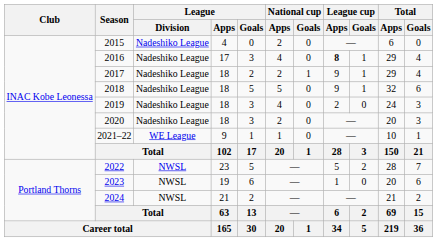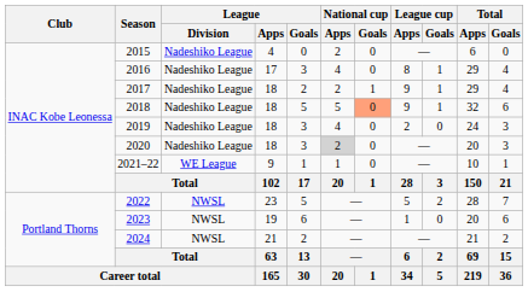 <table class="wikitable" style="text-align:center">
 <tr>
 <th rowspan="2">Club</th>
 <th rowspan="2">Season</th>
 <th colspan="3">League</th>
 <th colspan="2">National cup</th>
 <th colspan="2">League cup</th>
 <th colspan="2">Total</th>
 </tr>
 <tr>
 <th>Division</th>
 <th>Apps</th>
 <th>Goals</th>
 <th>Apps</th>
 <th>Goals</th>
 <th>Apps</th>
 <th>Goals</th>
 <th>Apps</th>
 <th>Goals</th>
 </tr>
 <tr>
 <td rowspan="8"><a href='#'>INAC Kobe Leonessa</a></td>
 <td>2015</td>
 <td><a href='#'>Nadeshiko League</a></td>
 <td>4</td>
 <td>0</td>
 <td>2</td>
 <td>0</td>
 <td colspan="2">—</td>
 <td>6</td>
 <td>0</td>
 </tr>
 <tr>
 <td>2016</td>
 <td>Nadeshiko League</td>
 <td>17</td>
 <td>3</td>
 <td>4</td>
 <td>0</td>
-<td><strong>8</strong></td>
+<td>8</td>
 <td>1</td>
 <td>29</td>
 <td>4</td>
 </tr>
 <tr>
 <td>2017</td>
 <td>Nadeshiko League</td>
 <td>18</td>
 <td>2</td>
 <td>2</td>
 <td>1</td>
 <td>9</td>
 <td>1</td>
 <td>29</td>
 <td>4</td>
 </tr>
 <tr>
 <td>2018</td>
 <td>Nadeshiko League</td>
 <td>18</td>
 <td>5</td>
 <td>5</td>
-<td>0</td>
+<td style="background: lightsalmon;">0</td>
 <td>9</td>
 <td>1</td>
 <td>32</td>
 <td>6</td>
 </tr>
 <tr>
 <td>2019</td>
 <td>Nadeshiko League</td>
 <td>18</td>
 <td>3</td>
 <td>4</td>
 <td>0</td>
 <td>2</td>
 <td>0</td>
 <td>24</td>
 <td>3</td>
 </tr>
 <tr>
 <td>2020</td>
 <td>Nadeshiko League</td>
 <td>18</td>
 <td>3</td>
-<td>2</td>
+<td style="background: lightgrey;">2</td>
 <td>0</td>
 <td colspan="2">—</td>
 <td>20</td>
 <td>3</td>
 </tr>
 <tr>
 <td>2021–22</td>
 <td><a href='#'>WE League</a></td>
 <td>9</td>
 <td>1</td>
 <td>1</td>
 <td>0</td>
 <td colspan="2">—</td>
 <td>10</td>
 <td>1</td>
 </tr>
 <tr>
 <th colspan="2">Total</th>
 <th>102</th>
 <th>17</th>
 <th>20</th>
 <th>1</th>
 <th>28</th>
 <th>3</th>
 <th>150</th>
 <th>21</th>
 </tr>
 <tr>
 <td rowspan="4"><a href='#'>Portland Thorns</a></td>
 <td><a href='#'>2022</a></td>
 <td><a href='#'>NWSL</a></td>
 <td>23</td>
 <td>5</td>
 <td colspan="2">—</td>
 <td>5</td>
 <td>2</td>
 <td>28</td>
 <td>7</td>
 </tr>
 <tr>
 <td><a href='#'>2023</a></td>
 <td>NWSL</td>
 <td>19</td>
 <td>6</td>
 <td colspan="2">—</td>
 <td>1</td>
 <td>0</td>
 <td>20</td>
 <td>6</td>
 </tr>
 <tr>
 <td><a href='#'>2024</a></td>
 <td>NWSL</td>
 <td>21</td>
 <td>2</td>
 <td colspan="2">—</td>
 <td colspan="2">—</td>
 <td>21</td>
 <td>2</td>
 </tr>
 <tr>
 <th colspan="2">Total</th>
 <th>63</th>
 <th>13</th>
 <th colspan="2">—</th>
 <th>6</th>
 <th>2</th>
 <th>69</th>
 <th>15</th>
 </tr>
 <tr>
 <th colspan="3">Career total</th>
 <th>165</th>
 <th>30</th>
 <th>20</th>
 <th>1</th>
 <th>34</th>
 <th>5</th>
 <th>219</th>
 <th>36</th>
 </tr>
 </table>
